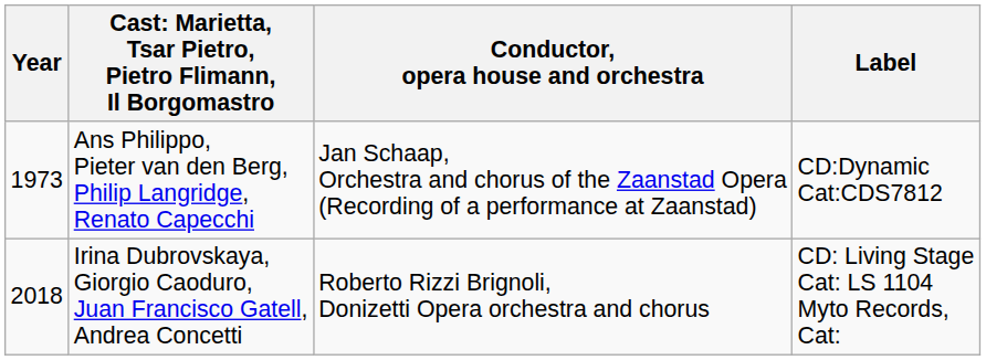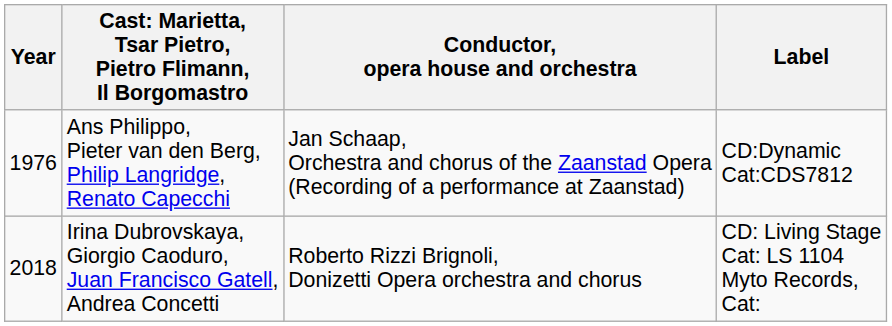 <table class="wikitable">
 <tr>
 <th>Year</th>
 <th>Cast: Marietta,<br>Tsar Pietro,<br>Pietro Flimann,<br>Il Borgomastro</th>
 <th>Conductor,<br>opera house and orchestra</th>
 <th>Label</th>
 </tr>
 <tr>
-<td>1973</td>
+<td>1976</td>
 <td>Ans Philippo,<br>Pieter van den Berg,<br><a href='#'>Philip Langridge</a>,<br><a href='#'>Renato Capecchi</a></td>
 <td>Jan Schaap,<br>Orchestra and chorus of the <a href='#'>Zaanstad</a> Opera<br>(Recording of a performance at Zaanstad)</td>
 <td>CD:Dynamic <br> Cat:CDS7812</td>
 </tr>
 <tr>
 <td>2018</td>
 <td>Irina Dubrovskaya,<br>Giorgio Caoduro,<br><a href='#'>Juan Francisco Gatell</a>,<br>Andrea Concetti</td>
 <td>Roberto Rizzi Brignoli,<br> Donizetti Opera orchestra and chorus</td>
 <td>CD: Living Stage<br>Cat: LS 1104<br>Myto Records,<br>Cat: </td>
 </tr>
 </table>
